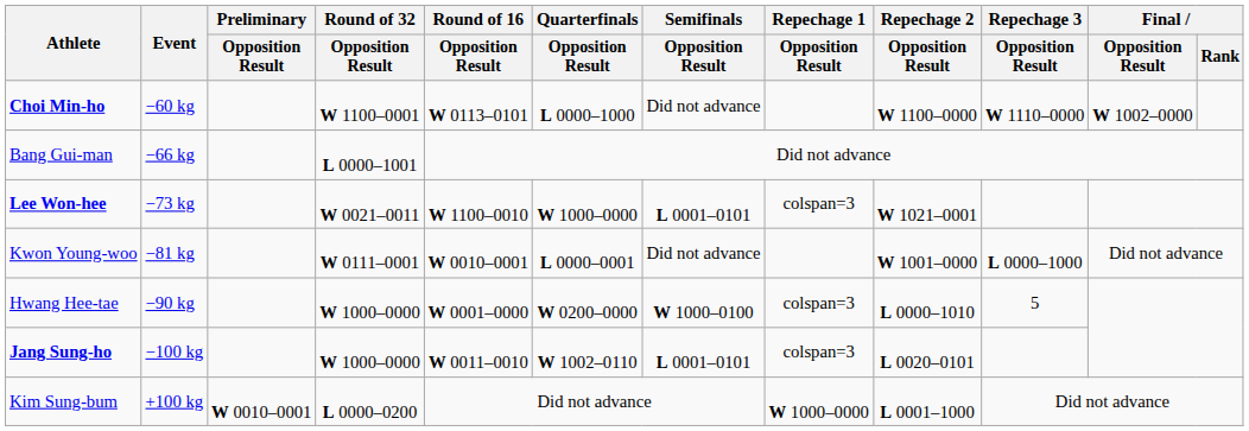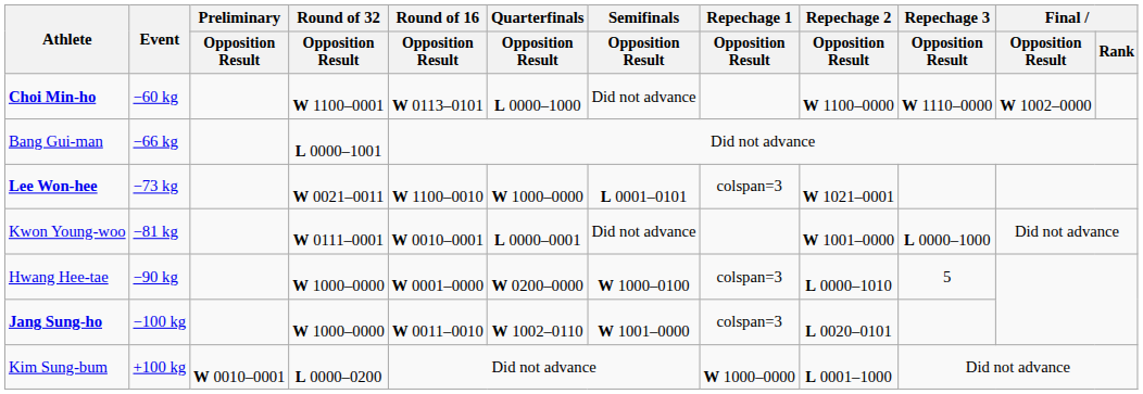 <table class="wikitable" style="font-size:90%">
 <tr>
 <th rowspan="2">Athlete</th>
 <th rowspan="2">Event</th>
 <th>Preliminary</th>
 <th>Round of 32</th>
 <th>Round of 16</th>
 <th>Quarterfinals</th>
 <th>Semifinals</th>
 <th>Repechage 1</th>
 <th>Repechage 2</th>
 <th>Repechage 3</th>
 <th colspan=2>Final / </th>
 </tr>
 <tr style="font-size:95%">
 <th>Opposition<br>Result</th>
 <th>Opposition<br>Result</th>
 <th>Opposition<br>Result</th>
 <th>Opposition<br>Result</th>
 <th>Opposition<br>Result</th>
 <th>Opposition<br>Result</th>
 <th>Opposition<br>Result</th>
 <th>Opposition<br>Result</th>
 <th>Opposition<br>Result</th>
 <th>Rank</th>
 </tr>
 <tr align=center>
 <td align=left><strong><a href='#'>Choi Min-ho</a></strong></td>
 <td align=left><a href='#'>−60 kg</a></td>
 <td></td>
 <td><br><strong>W</strong> 1100–0001</td>
 <td><br><strong>W</strong> 0113–0101</td>
 <td><br><strong>L</strong> 0000–1000</td>
 <td>Did not advance</td>
 <td></td>
 <td><br><strong>W</strong> 1100–0000</td>
 <td><br><strong>W</strong> 1110–0000</td>
 <td><br><strong>W</strong> 1002–0000</td>
 <td></td>
 </tr>
 <tr align=center>
 <td align=left><a href='#'>Bang Gui-man</a></td>
 <td align=left><a href='#'>−66 kg</a></td>
 <td></td>
 <td><br><strong>L</strong> 0000–1001</td>
 <td colspan=8>Did not advance</td>
 </tr>
 <tr align=center>
 <td align=left><strong><a href='#'>Lee Won-hee</a></strong></td>
 <td align=left><a href='#'>−73 kg</a></td>
 <td></td>
 <td><br><strong>W</strong> 0021–0011</td>
 <td><br><strong>W</strong> 1100–0010</td>
 <td><br><strong>W</strong> 1000–0000</td>
 <td><br><strong>L</strong> 0001–0101</td>
 <td>colspan=3 </td>
 <td><br><strong>W</strong> 1021–0001</td>
 <td></td>
 </tr>
 <tr align=center>
 <td align=left><a href='#'>Kwon Young-woo</a></td>
 <td align=left><a href='#'>−81 kg</a></td>
 <td></td>
 <td><br><strong>W</strong> 0111–0001</td>
 <td><br><strong>W</strong> 0010–0001</td>
 <td><br><strong>L</strong> 0000–0001</td>
 <td>Did not advance</td>
 <td></td>
 <td><br><strong>W</strong> 1001–0000</td>
 <td><br><strong>L</strong> 0000–1000</td>
 <td colspan=2>Did not advance</td>
 </tr>
 <tr align=center>
 <td align=left><a href='#'>Hwang Hee-tae</a></td>
 <td align=left><a href='#'>−90 kg</a></td>
 <td></td>
 <td><br><strong>W</strong> 1000–0000</td>
 <td><br><strong>W</strong> 0001–0000</td>
 <td><br><strong>W</strong> 0200–0000</td>
 <td><br><strong>W</strong> 1000–0100</td>
 <td>colspan=3 </td>
 <td><br><strong>L</strong> 0000–1010</td>
 <td>5</td>
 </tr>
 <tr align=center>
 <td align=left><strong><a href='#'>Jang Sung-ho</a></strong></td>
 <td align=left><a href='#'>−100 kg</a></td>
 <td></td>
 <td><br><strong>W</strong> 1000–0000</td>
 <td><br><strong>W</strong> 0011–0010</td>
 <td><br><strong>W</strong> 1002–0110</td>
-<td><br><strong>L</strong> 0001–0101</td>
+<td><br><strong>W</strong> 1001–0000</td>
 <td>colspan=3 </td>
 <td><br><strong>L</strong> 0020–0101</td>
 <td></td>
 </tr>
 <tr align=center>
 <td align=left><a href='#'>Kim Sung-bum</a></td>
 <td align=left><a href='#'>+100 kg</a></td>
 <td><br><strong>W</strong> 0010–0001</td>
 <td><br><strong>L</strong> 0000–0200</td>
 <td colspan=3>Did not advance</td>
 <td><br><strong>W</strong> 1000–0000</td>
 <td><br><strong>L</strong> 0001–1000</td>
 <td colspan=3>Did not advance</td>
 </tr>
 </table>
